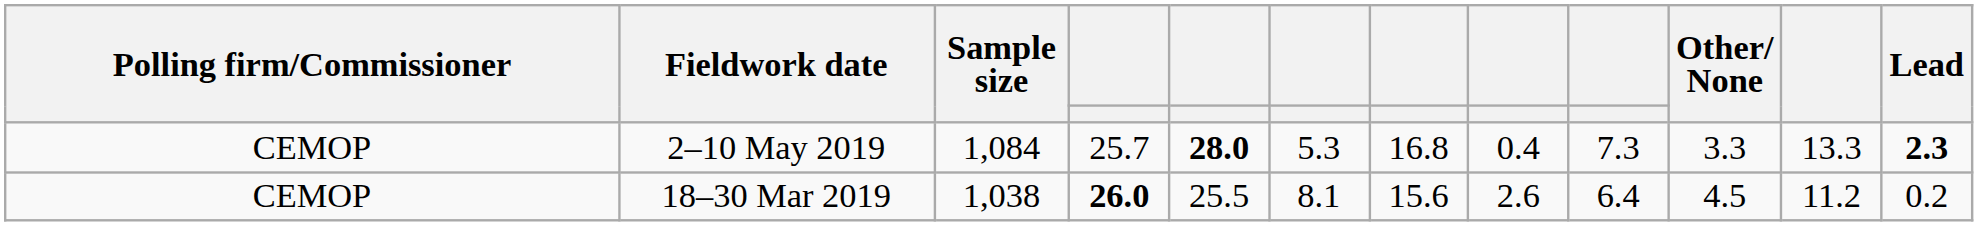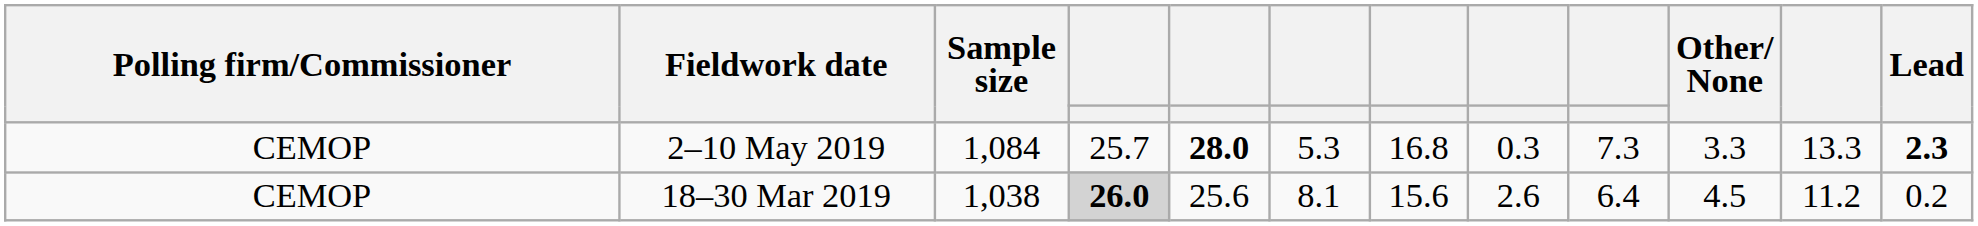 <table class="wikitable collapsible collapsed" style="text-align:center; font-size:90%; line-height:14px;">
 <tr style="height:42px;">
 <th style="width:250px;" rowspan="2">Polling firm/Commissioner</th>
 <th style="width:125px;" rowspan="2">Fieldwork date</th>
 <th style="width:50px;" rowspan="2">Sample size</th>
 <th style="width:35px;"></th>
 <th style="width:35px;"></th>
 <th style="width:35px;"></th>
 <th style="width:35px;"></th>
 <th style="width:35px;"></th>
 <th style="width:35px;"></th>
 <th style="width:35px;" rowspan="2">Other/<br>None</th>
 <th style="width:35px;" rowspan="2"></th>
 <th style="width:30px;" rowspan="2">Lead</th>
 </tr>
 <tr>
 <th style="color:inherit;background:"></th>
 <th style="color:inherit;background:"></th>
 <th style="color:inherit;background:"></th>
 <th style="color:inherit;background:"></th>
 <th style="color:inherit;background:"></th>
 <th style="color:inherit;background:"></th>
 </tr>
 <tr>
 <td>CEMOP</td>
 <td>2–10 May 2019</td>
 <td>1,084</td>
 <td>25.7</td>
 <td><strong>28.0</strong></td>
 <td>5.3</td>
 <td>16.8</td>
-<td>0.4</td>
+<td>0.3</td>
 <td>7.3</td>
 <td>3.3</td>
 <td>13.3</td>
 <td style="background:"><strong>2.3</strong></td>
 </tr>
 <tr>
 <td>CEMOP</td>
 <td>18–30 Mar 2019</td>
 <td>1,038</td>
-<td><strong>26.0</strong></td>
-<td>25.5</td>
+<td style="background: lightgrey;"><strong>26.0</strong></td>
+<td>25.6</td>
 <td>8.1</td>
 <td>15.6</td>
 <td>2.6</td>
 <td>6.4</td>
 <td>4.5</td>
 <td>11.2</td>
 <td style="background:">0.2</td>
 </tr>
 </table>
